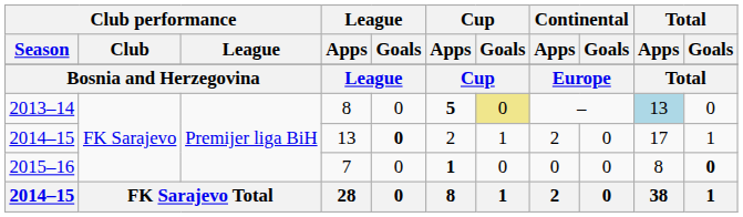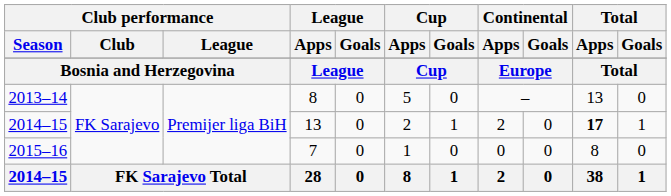 <table class="wikitable" style="text-align:center">
 <tr>
 <th colspan=3>Club performance</th>
 <th colspan=2>League</th>
 <th colspan=2>Cup</th>
 <th colspan=2>Continental</th>
 <th colspan=2>Total</th>
 </tr>
 <tr>
 <th><a href='#'>Season</a></th>
 <th>Club</th>
 <th>League</th>
 <th>Apps</th>
 <th>Goals</th>
 <th>Apps</th>
 <th>Goals</th>
 <th>Apps</th>
 <th>Goals</th>
 <th>Apps</th>
 <th>Goals</th>
 </tr>
 <tr>
 </tr>
 <tr>
 <th colspan=3>Bosnia and Herzegovina</th>
 <th colspan=2><a href='#'>League</a></th>
 <th colspan=2><a href='#'>Cup</a></th>
 <th colspan=2><a href='#'>Europe</a></th>
 <th colspan=2>Total</th>
 </tr>
 <tr>
 <td><a href='#'>2013–14</a></td>
 <td rowspan="3"><a href='#'>FK Sarajevo</a></td>
 <td rowspan="3"><a href='#'>Premijer liga BiH</a></td>
 <td>8</td>
 <td>0</td>
-<td><strong>5</strong></td>
-<td style="background: khaki;">0</td>
+<td>5</td>
+<td>0</td>
 <td colspan="2">–</td>
-<td style="background: lightblue;">13</td>
+<td>13</td>
 <td>0</td>
 </tr>
 <tr>
 <td><a href='#'>2014–15</a></td>
 <td>13</td>
-<td><strong>0</strong></td>
+<td>0</td>
 <td>2</td>
 <td>1</td>
 <td>2</td>
 <td>0</td>
-<td>17</td>
+<td><strong>17</strong></td>
 <td>1</td>
 </tr>
 <tr>
 <td><a href='#'>2015–16</a></td>
 <td>7</td>
 <td>0</td>
-<td><strong>1</strong></td>
+<td>1</td>
 <td>0</td>
 <td>0</td>
 <td>0</td>
 <td>8</td>
-<td><strong>0</strong></td>
+<td>0</td>
 </tr>
 <tr>
 <th><a href='#'>2014–15</a></th>
 <th colspan=2>FK <a href='#'>Sarajevo</a> Total</th>
 <th>28</th>
 <th>0</th>
 <th>8</th>
 <th>1</th>
 <th>2</th>
 <th>0</th>
 <th>38</th>
 <th>1</th>
 </tr>
 </table>
